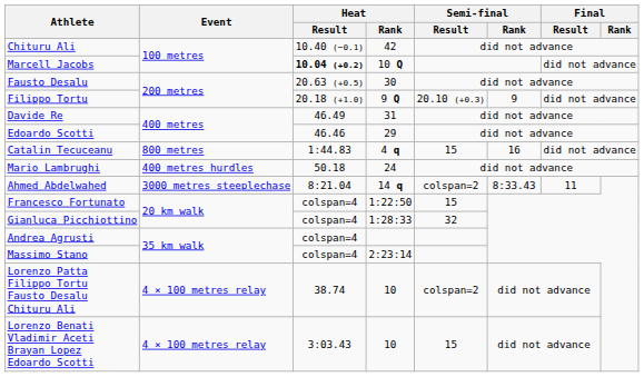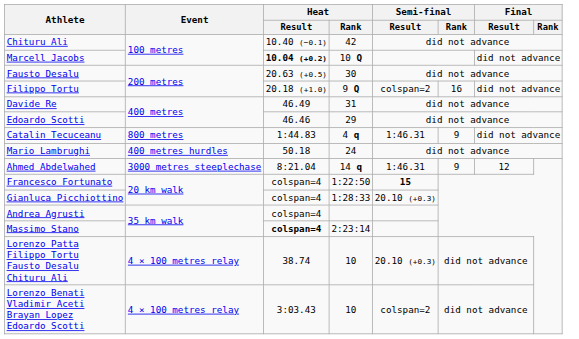 <table class=wikitable style=font-size:90%>
 <tr>
 <th rowspan=2>Athlete</th>
 <th rowspan=2>Event</th>
 <th colspan=2>Heat</th>
 <th colspan=2>Semi-final</th>
 <th colspan=2>Final</th>
 </tr>
 <tr style=font-size:95%>
 <th>Result</th>
 <th>Rank</th>
 <th>Result</th>
 <th>Rank</th>
 <th>Result</th>
 <th>Rank</th>
 </tr>
 <tr align=center>
 <td align=left><a href='#'>Chituru Ali</a></td>
 <td align=left rowspan=2><a href='#'>100 metres</a></td>
 <td>10.40 <small>(−0.1)</small></td>
 <td>42</td>
 <td colspan=4>did not advance</td>
 </tr>
 <tr align=center>
 <td align=left><a href='#'>Marcell Jacobs</a></td>
 <td><strong>10.04 <small>(+0.2)</small> </strong></td>
 <td>10 <strong>Q</strong></td>
 <td colspan=2></td>
 <td colspan=2>did not advance</td>
 </tr>
 <tr align=center>
 <td align=left><a href='#'>Fausto Desalu</a></td>
 <td align=left rowspan=2><a href='#'>200 metres</a></td>
 <td>20.63 <small>(+0.5)</small></td>
 <td>30</td>
 <td colspan=4>did not advance</td>
 </tr>
 <tr align=center>
 <td align=left><a href='#'>Filippo Tortu</a></td>
 <td>20.18 <small>(+1.0)</small></td>
 <td>9 <strong>Q</strong></td>
-<td>20.10 <small>(+0.3)</small> </td>
-<td>9</td>
+<td>colspan=2</td>
+<td>16</td>
 <td colspan=2>did not advance</td>
 </tr>
 <tr align=center>
 <td align=left><a href='#'>Davide Re</a></td>
 <td align=left rowspan=2><a href='#'>400 metres</a></td>
 <td>46.49</td>
 <td>31</td>
 <td colspan=4>did not advance</td>
 </tr>
 <tr align=center>
 <td align=left><a href='#'>Edoardo Scotti</a></td>
 <td>46.46</td>
 <td>29</td>
 <td colspan=4>did not advance</td>
 </tr>
 <tr align=center>
 <td align=left><a href='#'>Catalin Tecuceanu</a></td>
 <td align=left><a href='#'>800 metres</a></td>
 <td>1:44.83 </td>
 <td>4 <strong>q</strong></td>
-<td>15</td>
-<td>16</td>
+<td>1:46.31</td>
+<td>9</td>
 <td colspan=2>did not advance</td>
 </tr>
 <tr align=center>
 <td align=left><a href='#'>Mario Lambrughi</a></td>
 <td align=left><a href='#'>400 metres hurdles</a></td>
 <td>50.18</td>
 <td>24</td>
 <td colspan=4>did not advance</td>
 </tr>
 <tr align=center>
 <td align=left><a href='#'>Ahmed Abdelwahed</a></td>
 <td align=left><a href='#'>3000 metres steeplechase</a></td>
 <td>8:21.04</td>
 <td>14 <strong>q</strong></td>
-<td>colspan=2</td>
-<td>8:33.43</td>
-<td>11</td>
+<td>1:46.31</td>
+<td>9</td>
+<td>12</td>
 </tr>
 <tr align=center>
 <td align=left><a href='#'>Francesco Fortunato</a></td>
 <td align=left rowspan=2><a href='#'>20 km walk</a></td>
 <td>colspan=4</td>
 <td>1:22:50</td>
-<td>15</td>
+<td><strong>15</strong></td>
 </tr>
 <tr align=center>
 <td align=left><a href='#'>Gianluca Picchiottino</a></td>
 <td>colspan=4</td>
 <td>1:28:33</td>
-<td>32</td>
+<td>20.10 <small>(+0.3)</small> </td>
 </tr>
 <tr align=center>
 <td align=left><a href='#'>Andrea Agrusti</a></td>
 <td align=left rowspan=2><a href='#'>35 km walk</a></td>
 <td>colspan=4</td>
 <td></td>
 <td></td>
 </tr>
 <tr align=center>
 <td align=left><a href='#'>Massimo Stano</a></td>
-<td>colspan=4</td>
+<td><strong>colspan=4</strong></td>
 <td>2:23:14</td>
 <td></td>
 </tr>
 <tr align=center>
 <td align=left><a href='#'>Lorenzo Patta</a><br><a href='#'>Filippo Tortu</a><br><a href='#'>Fausto Desalu</a><br><a href='#'>Chituru Ali</a></td>
 <td align=left><a href='#'>4 × 100 metres relay</a></td>
 <td>38.74 </td>
 <td>10</td>
-<td>colspan=2</td>
+<td>20.10 <small>(+0.3)</small> </td>
 <td colspan=2>did not advance</td>
 </tr>
 <tr align=center>
 <td align=left><a href='#'>Lorenzo Benati</a><br><a href='#'>Vladimir Aceti</a><br><a href='#'>Brayan Lopez</a><br><a href='#'>Edoardo Scotti</a></td>
 <td align=left><a href='#'>4 × 100 metres relay</a></td>
 <td>3:03.43 </td>
 <td>10</td>
-<td>15</td>
+<td>colspan=2</td>
 <td colspan=2>did not advance</td>
 </tr>
 </table>
